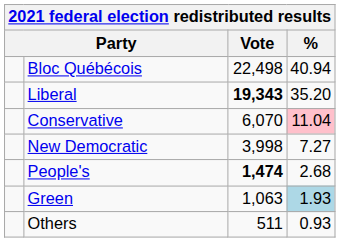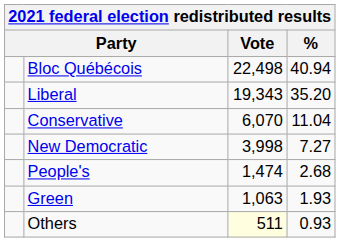 <table class="wikitable">
 <tr>
 <th colspan="4"><a href='#'>2021 federal election</a> redistributed results</th>
 </tr>
 <tr>
 <th bgcolor="#DDDDFF" width="130px" colspan="2">Party</th>
 <th bgcolor="#DDDDFF" width="50px">Vote</th>
 <th bgcolor="#DDDDFF" width="30px">%</th>
 </tr>
 <tr>
 <td> </td>
 <td><a href='#'>Bloc Québécois</a></td>
 <td align=right>22,498</td>
 <td align=right>40.94</td>
 </tr>
 <tr>
 <td> </td>
 <td><a href='#'>Liberal</a></td>
-<td align=right><strong>19,343</strong></td>
+<td align=right>19,343</td>
 <td align=right>35.20</td>
 </tr>
 <tr>
 <td> </td>
 <td><a href='#'>Conservative</a></td>
 <td align=right>6,070</td>
-<td align=right style="background: pink;">11.04</td>
+<td align=right>11.04</td>
 </tr>
 <tr>
 <td> </td>
 <td><a href='#'>New Democratic</a></td>
 <td align=right>3,998</td>
 <td align=right>7.27</td>
 </tr>
 <tr>
 <td> </td>
 <td><a href='#'>People's</a></td>
-<td align=right><strong>1,474</strong></td>
+<td align=right>1,474</td>
 <td align=right>2.68</td>
 </tr>
 <tr>
 <td> </td>
 <td><a href='#'>Green</a></td>
 <td align=right>1,063</td>
-<td align=right style="background: lightblue;">1.93</td>
+<td align=right>1.93</td>
 </tr>
 <tr>
 <td> </td>
 <td>Others</td>
-<td align=right>511</td>
+<td align=right style="background: lightyellow;">511</td>
 <td align=right>0.93</td>
 </tr>
 </table>
